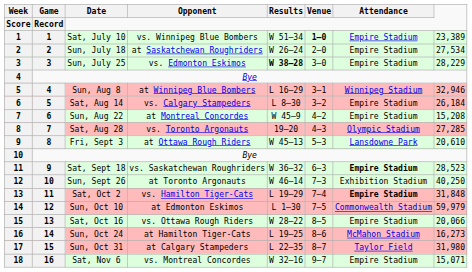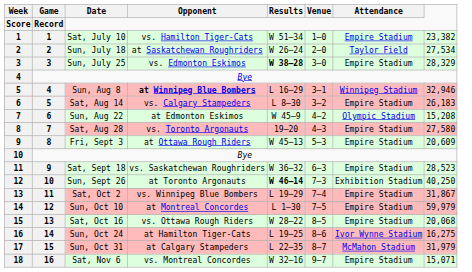 <table class="wikitable" style="text-align:center">
 <tr>
 <th>Week</th>
 <th>Game</th>
 <th>Date</th>
 <th>Opponent</th>
 <th>Results</th>
 <th>Venue</th>
 <th>Attendance</th>
 </tr>
 <tr>
 <th>Score</th>
 <th>Record</th>
 </tr>
 <tr style="background:#ddffdd">
 <th>1</th>
 <th>1</th>
 <td>Sat, July 10</td>
-<td>vs. Winnipeg Blue Bombers</td>
+<td>vs. <a href='#'>Hamilton Tiger-Cats</a></td>
 <td>W 51–34</td>
-<td><strong>1–0</strong></td>
+<td>1–0</td>
 <td><a href='#'>Empire Stadium</a></td>
-<td>23,389</td>
+<td>23,382</td>
 </tr>
 <tr style="background:#ddffdd">
 <th>2</th>
 <th>2</th>
 <td>Sun, July 18</td>
 <td>at <a href='#'>Saskatchewan Roughriders</a></td>
 <td>W 26–24</td>
 <td>2–0</td>
-<td>Empire Stadium</td>
+<td><a href='#'>Taylor Field</a></td>
 <td>27,534</td>
 </tr>
 <tr style="background:#ddffdd">
 <th>3</th>
 <th>3</th>
 <td>Sun, July 25</td>
 <td>vs. <a href='#'>Edmonton Eskimos</a></td>
 <td><strong>W 38–28</strong></td>
 <td>3–0</td>
 <td>Empire Stadium</td>
-<td>28,229</td>
+<td>28,329</td>
 </tr>
 <tr>
 <th>4</th>
 <td colspan=7><em><a href='#'>Bye</a></em></td>
 </tr>
 <tr style="background:#ffbbbb">
 <th>5</th>
 <th>4</th>
 <td>Sun, Aug 8</td>
-<td>at <a href='#'>Winnipeg Blue Bombers</a></td>
+<td><strong>at <a href='#'>Winnipeg Blue Bombers</a></strong></td>
 <td>L 16–29</td>
 <td>3–1</td>
 <td><a href='#'>Winnipeg Stadium</a></td>
 <td>32,946</td>
 </tr>
 <tr style="background:#ffbbbb">
 <th>6</th>
 <th>5</th>
 <td>Sat, Aug 14</td>
 <td>vs. <a href='#'>Calgary Stampeders</a></td>
 <td>L 8–30</td>
 <td>3–2</td>
 <td>Empire Stadium</td>
-<td>26,184</td>
+<td>26,183</td>
 </tr>
 <tr style="background:#ddffdd">
 <th>7</th>
 <th>6</th>
 <td>Sun, Aug 22</td>
-<td>at <a href='#'>Montreal Concordes</a></td>
+<td>at Edmonton Eskimos</td>
 <td>W 45–9</td>
 <td>4–2</td>
-<td>Empire Stadium</td>
+<td><a href='#'>Olympic Stadium</a></td>
 <td>15,208</td>
 </tr>
 <tr style="background:#ffbbbb">
 <th>8</th>
 <th>7</th>
 <td>Sat, Aug 28</td>
 <td>vs. <a href='#'>Toronto Argonauts</a></td>
 <td>19–20</td>
 <td>4–3</td>
-<td><a href='#'>Olympic Stadium</a></td>
-<td>27,285</td>
+<td>Empire Stadium</td>
+<td>27,580</td>
 </tr>
 <tr style="background:#ddffdd">
 <th>9</th>
 <th>8</th>
 <td>Fri, Sept 3</td>
 <td>at <a href='#'>Ottawa Rough Riders</a></td>
 <td>W 45–13</td>
 <td>5–3</td>
-<td><a href='#'>Lansdowne Park</a></td>
-<td>20,610</td>
+<td>Empire Stadium</td>
+<td>20,609</td>
 </tr>
 <tr>
 <th>10</th>
 <td colspan=7><em>Bye</em></td>
 </tr>
 <tr style="background:#ddffdd">
 <th>11</th>
 <th>9</th>
 <td>Sat, Sept 18</td>
 <td>vs. Saskatchewan Roughriders</td>
 <td>W 36–32</td>
 <td>6–3</td>
-<td><strong>Empire Stadium</strong></td>
+<td>Empire Stadium</td>
 <td>28,523</td>
 </tr>
 <tr style="background:#ddffdd">
 <th>12</th>
 <th>10</th>
 <td>Sun, Sept 26</td>
 <td>at Toronto Argonauts</td>
-<td>W 46–14</td>
+<td><strong>W 46–14</strong></td>
 <td>7–3</td>
 <td>Exhibition Stadium</td>
 <td>40,250</td>
 </tr>
 <tr style="background:#ffbbbb">
 <th>13</th>
 <th>11</th>
 <td>Sat, Oct 2</td>
-<td>vs. <a href='#'>Hamilton Tiger-Cats</a></td>
+<td>vs. Winnipeg Blue Bombers</td>
 <td>L 19–29</td>
 <td>7–4</td>
-<td><strong>Empire Stadium</strong></td>
-<td>31,848</td>
+<td>Empire Stadium</td>
+<td>31,867</td>
 </tr>
 <tr style="background:#ffbbbb">
 <th>14</th>
 <th>12</th>
 <td>Sun, Oct 10</td>
-<td>at Edmonton Eskimos</td>
+<td>at <a href='#'>Montreal Concordes</a></td>
 <td>L 1–30</td>
 <td>7–5</td>
-<td><a href='#'>Commonwealth Stadium</a></td>
+<td>Empire Stadium</td>
 <td>59,979</td>
 </tr>
 <tr style="background:#ddffdd">
 <th>15</th>
 <th>13</th>
 <td>Sat, Oct 16</td>
 <td>vs. Ottawa Rough Riders</td>
 <td>W 28–22</td>
 <td>8–5</td>
 <td>Empire Stadium</td>
-<td>20,066</td>
+<td>20,068</td>
 </tr>
 <tr style="background:#ffbbbb">
 <th>16</th>
 <th>14</th>
 <td>Sun, Oct 24</td>
 <td>at Hamilton Tiger-Cats</td>
 <td>L 19–25</td>
 <td>8–6</td>
-<td><a href='#'>McMahon Stadium</a></td>
-<td>16,273</td>
+<td><a href='#'>Ivor Wynne Stadium</a></td>
+<td>16,275</td>
 </tr>
 <tr style="background:#ffbbbb">
 <th>17</th>
 <th>15</th>
 <td>Sun, Oct 31</td>
 <td>at Calgary Stampeders</td>
 <td>L 22–35</td>
 <td>8–7</td>
-<td><a href='#'>Taylor Field</a></td>
-<td>31,980</td>
+<td><a href='#'>McMahon Stadium</a></td>
+<td>31,979</td>
 </tr>
 <tr style="background:#ddffdd">
 <th>18</th>
 <th>16</th>
 <td>Sat, Nov 6</td>
 <td>vs. Montreal Concordes</td>
 <td>W 32–16</td>
 <td>9–7</td>
 <td>Empire Stadium</td>
 <td>15,071</td>
 </tr>
 </table>
